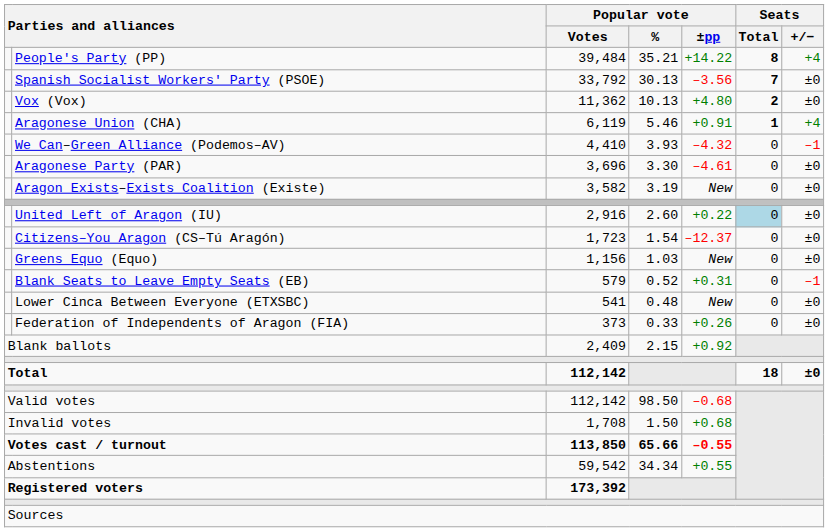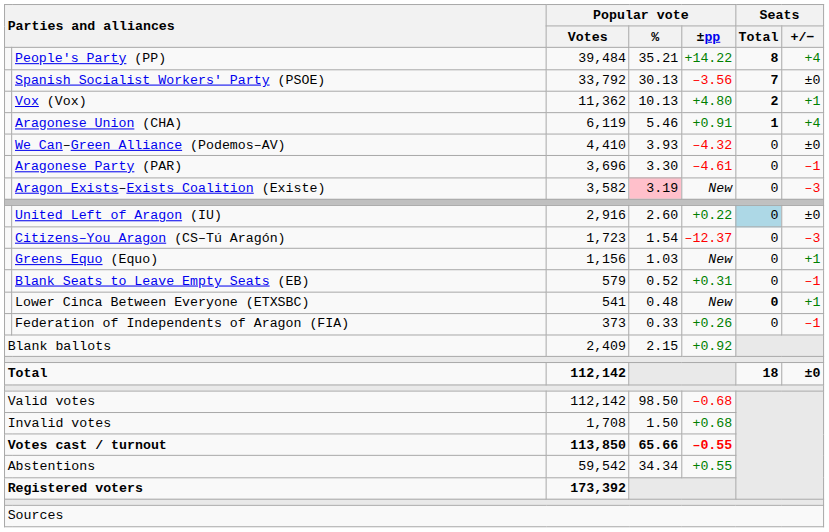 <table class="wikitable" style="text-align:right;">
 <tr>
 <th style="text-align:left;" rowspan="2" colspan="2" width="525">Parties and alliances</th>
 <th colspan="3">Popular vote</th>
 <th colspan="2">Seats</th>
 </tr>
 <tr>
 <th width="75">Votes</th>
 <th width="45">%</th>
 <th width="45">±<a href='#'>pp</a></th>
 <th width="35">Total</th>
 <th width="35">+/−</th>
 </tr>
 <tr>
 <td width="1" style="color:inherit;background:"></td>
 <td align="left"><a href='#'>People's Party</a> (PP)</td>
 <td>39,484</td>
 <td>35.21</td>
 <td style="color:green;">+14.22</td>
 <td><strong>8</strong></td>
 <td style="color:green;">+4</td>
 </tr>
 <tr>
 <td style="color:inherit;background:"></td>
 <td align="left"><a href='#'>Spanish Socialist Workers' Party</a> (PSOE)</td>
 <td>33,792</td>
 <td>30.13</td>
 <td style="color:red;">–3.56</td>
 <td><strong>7</strong></td>
 <td>±0</td>
 </tr>
 <tr>
 <td style="color:inherit;background:"></td>
 <td align="left"><a href='#'>Vox</a> (Vox)</td>
 <td>11,362</td>
 <td>10.13</td>
 <td style="color:green;">+4.80</td>
 <td><strong>2</strong></td>
-<td>±0</td>
+<td style="color:green;">+1</td>
 </tr>
 <tr>
 <td style="color:inherit;background:"></td>
 <td align="left"><a href='#'>Aragonese Union</a> (CHA)</td>
 <td>6,119</td>
 <td>5.46</td>
 <td style="color:green;">+0.91</td>
 <td><strong>1</strong></td>
 <td style="color:green;">+4</td>
 </tr>
 <tr>
 <td style="color:inherit;background:"></td>
 <td align="left"><a href='#'>We Can</a>–<a href='#'>Green Alliance</a> (Podemos–AV)</td>
 <td>4,410</td>
 <td>3.93</td>
 <td style="color:red;">–4.32</td>
 <td>0</td>
-<td style="color:red;">–1</td>
+<td>±0</td>
 </tr>
 <tr>
 <td style="color:inherit;background:"></td>
 <td align="left"><a href='#'>Aragonese Party</a> (PAR)</td>
 <td>3,696</td>
 <td>3.30</td>
 <td style="color:red;">–4.61</td>
 <td>0</td>
-<td>±0</td>
+<td style="color:red;">–1</td>
 </tr>
 <tr>
 <td style="color:inherit;background:"></td>
 <td align="left"><a href='#'>Aragon Exists</a>–<a href='#'>Exists Coalition</a> (Existe)</td>
 <td>3,582</td>
-<td>3.19</td>
+<td style="background: pink;">3.19</td>
 <td><em>New</em></td>
 <td>0</td>
-<td>±0</td>
+<td style="color:red;">–3</td>
 </tr>
 <tr>
 <td colspan="7" bgcolor="#C0C0C0"></td>
 </tr>
 <tr>
 <td style="color:inherit;background:"></td>
 <td align="left"><a href='#'>United Left of Aragon</a> (IU)</td>
 <td>2,916</td>
 <td>2.60</td>
 <td style="color:green;">+0.22</td>
 <td style="background: lightblue;">0</td>
 <td>±0</td>
 </tr>
 <tr>
 <td style="color:inherit;background:"></td>
 <td align="left"><a href='#'>Citizens–You Aragon</a> (CS–Tú Aragón)</td>
 <td>1,723</td>
 <td>1.54</td>
 <td style="color:red;">–12.37</td>
 <td>0</td>
-<td>±0</td>
+<td style="color:red;">–3</td>
 </tr>
 <tr>
 <td style="color:inherit;background:"></td>
 <td align="left"><a href='#'>Greens Equo</a> (Equo)</td>
 <td>1,156</td>
 <td>1.03</td>
 <td><em>New</em></td>
 <td>0</td>
-<td>±0</td>
+<td style="color:green;">+1</td>
 </tr>
 <tr>
 <td style="color:inherit;background:"></td>
 <td align="left"><a href='#'>Blank Seats to Leave Empty Seats</a> (EB)</td>
 <td>579</td>
 <td>0.52</td>
 <td style="color:green;">+0.31</td>
 <td>0</td>
 <td style="color:red;">–1</td>
 </tr>
 <tr>
 <td style="color:inherit;background:"></td>
 <td align="left">Lower Cinca Between Everyone (ETXSBC)</td>
 <td>541</td>
 <td>0.48</td>
 <td><em>New</em></td>
-<td>0</td>
-<td>±0</td>
+<td><strong>0</strong></td>
+<td style="color:green;">+1</td>
 </tr>
 <tr>
 <td style="color:inherit;background:"></td>
 <td align="left">Federation of Independents of Aragon (FIA)</td>
 <td>373</td>
 <td>0.33</td>
 <td style="color:green;">+0.26</td>
 <td>0</td>
-<td>±0</td>
+<td style="color:red;">–1</td>
 </tr>
 <tr>
 <td align="left" colspan="2">Blank ballots</td>
 <td>2,409</td>
 <td>2.15</td>
 <td style="color:green;">+0.92</td>
 <td bgcolor="#E9E9E9" colspan="2"></td>
 </tr>
 <tr>
 <td colspan="7" bgcolor="#E9E9E9"></td>
 </tr>
 <tr style="font-weight:bold;">
 <td align="left" colspan="2">Total</td>
 <td>112,142</td>
 <td bgcolor="#E9E9E9" colspan="2"></td>
 <td>18</td>
 <td>±0</td>
 </tr>
 <tr>
 <td colspan="7" bgcolor="#E9E9E9"></td>
 </tr>
 <tr>
 <td align="left" colspan="2">Valid votes</td>
 <td>112,142</td>
 <td>98.50</td>
 <td style="color:red;">–0.68</td>
 <td bgcolor="#E9E9E9" colspan="2" rowspan="5"></td>
 </tr>
 <tr>
 <td align="left" colspan="2">Invalid votes</td>
 <td>1,708</td>
 <td>1.50</td>
 <td style="color:green;">+0.68</td>
 </tr>
 <tr style="font-weight:bold;">
 <td align="left" colspan="2">Votes cast / turnout</td>
 <td>113,850</td>
 <td>65.66</td>
 <td style="color:red;">–0.55</td>
 </tr>
 <tr>
 <td align="left" colspan="2">Abstentions</td>
 <td>59,542</td>
 <td>34.34</td>
 <td style="color:green;">+0.55</td>
 </tr>
 <tr style="font-weight:bold;">
 <td align="left" colspan="2">Registered voters</td>
 <td>173,392</td>
 <td bgcolor="#E9E9E9" colspan="2"></td>
 </tr>
 <tr>
 <td colspan="7" bgcolor="#E9E9E9"></td>
 </tr>
 <tr>
 <td align="left" colspan="7">Sources</td>
 </tr>
 </table>
